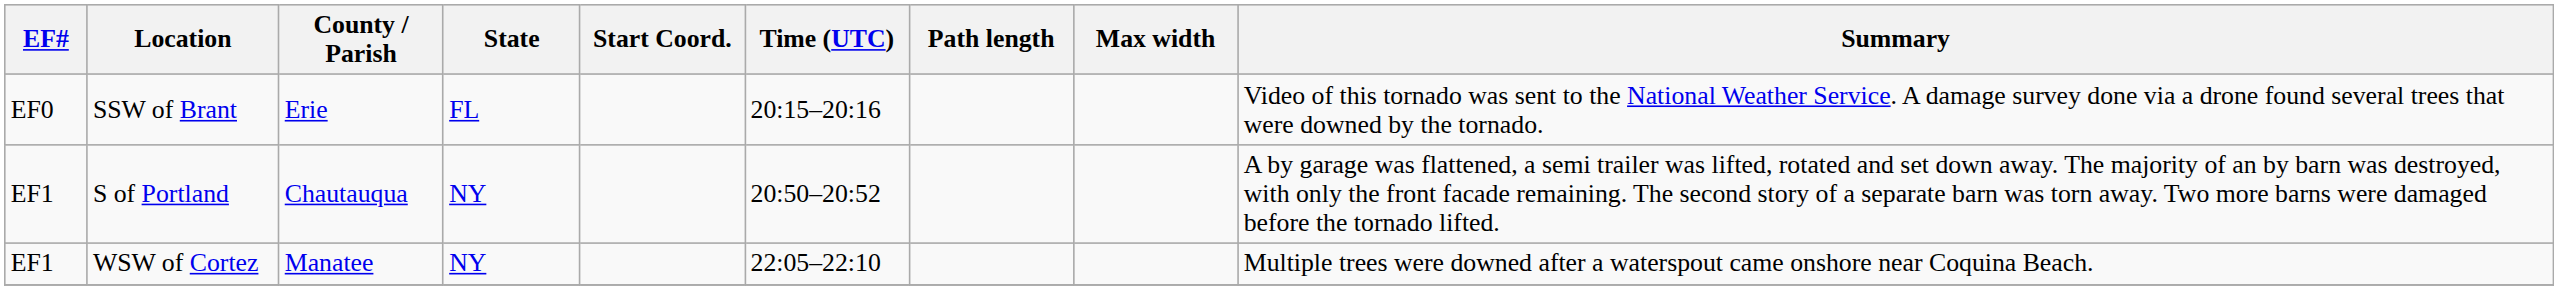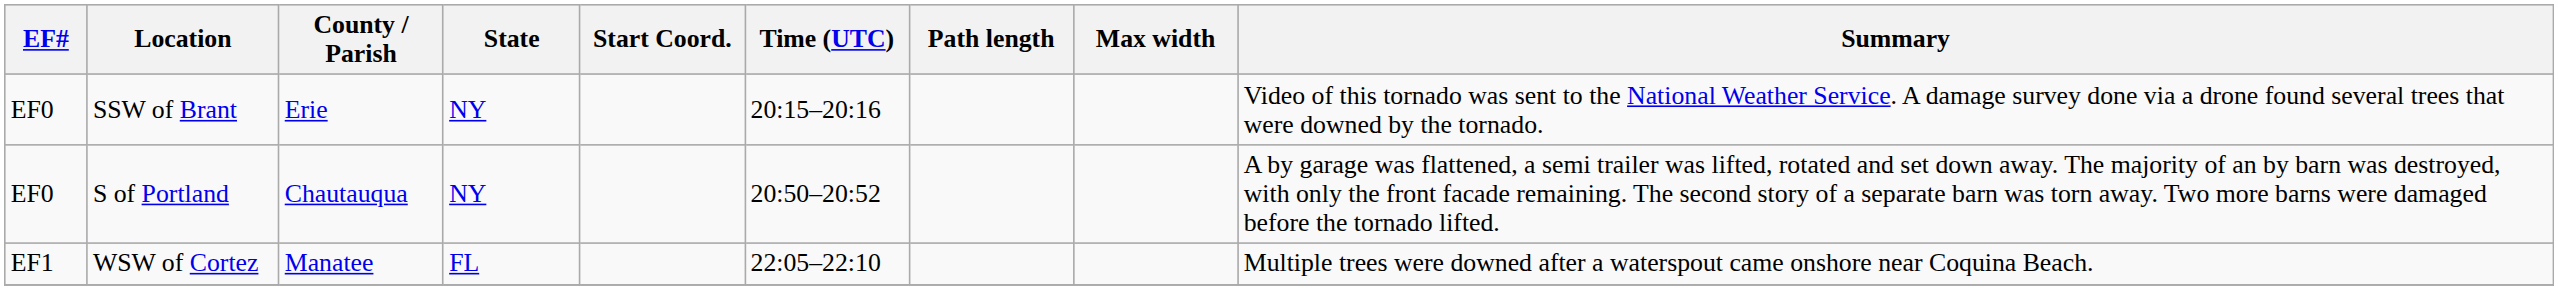 <table class="wikitable sortable" style="width:100%;">
 <tr>
 <th scope="col"  style="width:3%; text-align:center;"><a href='#'>EF#</a></th>
 <th scope="col"  style="width:7%; text-align:center;" class="unsortable">Location</th>
 <th scope="col"  style="width:6%; text-align:center;" class="unsortable">County / Parish</th>
 <th scope="col"  style="width:5%; text-align:center;">State</th>
 <th scope="col"  style="width:6%; text-align:center;">Start Coord.</th>
 <th scope="col"  style="width:6%; text-align:center;">Time (<a href='#'>UTC</a>)</th>
 <th scope="col"  style="width:6%; text-align:center;">Path length</th>
 <th scope="col"  style="width:6%; text-align:center;">Max width</th>
 <th scope="col" class="unsortable" style="width:48%; text-align:center;">Summary</th>
 </tr>
 <tr>
 <td>EF0</td>
 <td>SSW of <a href='#'>Brant</a></td>
 <td><a href='#'>Erie</a></td>
-<td><a href='#'>FL</a></td>
+<td><a href='#'>NY</a></td>
 <td></td>
 <td>20:15–20:16</td>
 <td></td>
 <td></td>
 <td>Video of this tornado was sent to the <a href='#'>National Weather Service</a>. A damage survey done via a drone found several trees that were downed by the tornado.</td>
 </tr>
 <tr>
-<td>EF1</td>
+<td>EF0</td>
 <td>S of <a href='#'>Portland</a></td>
 <td><a href='#'>Chautauqua</a></td>
 <td><a href='#'>NY</a></td>
 <td></td>
 <td>20:50–20:52</td>
 <td></td>
 <td></td>
 <td>A  by  garage was flattened, a  semi trailer was lifted, rotated and set down  away. The majority of an  by  barn was destroyed, with only the front facade remaining. The second story of a separate barn was torn away. Two more barns were damaged before the tornado lifted.</td>
 </tr>
 <tr>
 <td>EF1</td>
 <td>WSW of <a href='#'>Cortez</a></td>
 <td><a href='#'>Manatee</a></td>
-<td><a href='#'>NY</a></td>
+<td><a href='#'>FL</a></td>
 <td></td>
 <td>22:05–22:10</td>
 <td></td>
 <td></td>
 <td>Multiple trees were downed after a waterspout came onshore near Coquina Beach.</td>
 </tr>
 <tr>
 </tr>
 </table>
